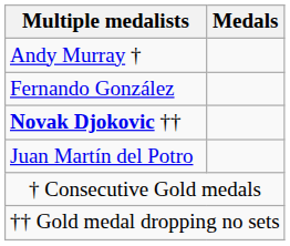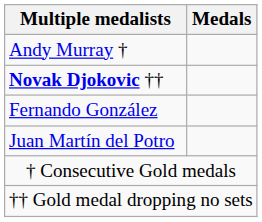 <table class="wikitable" style="display:inline-table;">
 <tr>
 <th>Multiple medalists</th>
 <th>Medals</th>
 </tr>
 <tr>
 <td> <a href='#'>Andy Murray</a> †</td>
 <td> </td>
 </tr>
 <tr>
-<td> <a href='#'>Fernando González</a></td>
+<td> <strong><a href='#'>Novak Djokovic</a></strong> ††</td>
 <td> </td>
 </tr>
 <tr>
-<td> <strong><a href='#'>Novak Djokovic</a></strong> ††</td>
+<td> <a href='#'>Fernando González</a></td>
 <td> </td>
 </tr>
 <tr>
 <td> <a href='#'>Juan Martín del Potro</a></td>
 <td> </td>
 </tr>
 <tr>
 <td colspan="2" style="text-align: center;">† Consecutive Gold medals</td>
 </tr>
 <tr>
 <td colspan="2" style="text-align: center;">†† Gold medal dropping no sets</td>
 </tr>
 </table>
